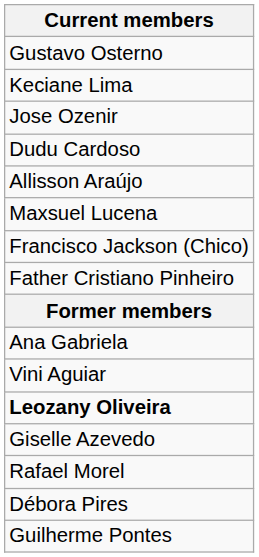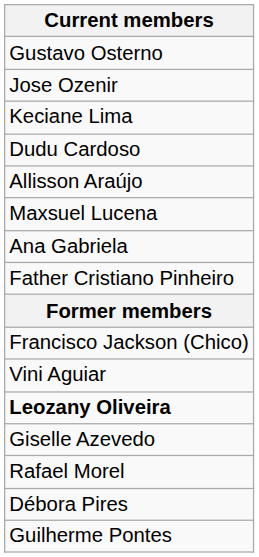 <table class="wikitable">
 <tr>
 <th colspan="1">Current members</th>
 </tr>
 <tr>
 <td>Gustavo Osterno</td>
 </tr>
 <tr>
-<td>Keciane Lima</td>
+<td>Jose Ozenir</td>
 </tr>
 <tr>
-<td>Jose Ozenir</td>
+<td>Keciane Lima</td>
 </tr>
 <tr>
 <td>Dudu Cardoso</td>
 </tr>
 <tr>
 <td>Allisson Araújo</td>
 </tr>
 <tr>
 <td>Maxsuel Lucena</td>
 </tr>
 <tr>
-<td>Francisco Jackson (Chico)</td>
+<td>Ana Gabriela</td>
 </tr>
 <tr>
 <td>Father Cristiano Pinheiro</td>
 </tr>
 <tr>
 <th colspan="1">Former members</th>
 </tr>
 <tr>
-<td>Ana Gabriela</td>
+<td>Francisco Jackson (Chico)</td>
 </tr>
 <tr>
 <td>Vini Aguiar</td>
 </tr>
 <tr>
 <td><strong>Leozany Oliveira</strong></td>
 </tr>
 <tr>
 <td>Giselle Azevedo</td>
 </tr>
 <tr>
 <td>Rafael Morel</td>
 </tr>
 <tr>
 <td>Débora Pires</td>
 </tr>
 <tr>
 <td>Guilherme Pontes</td>
 </tr>
 </table>
